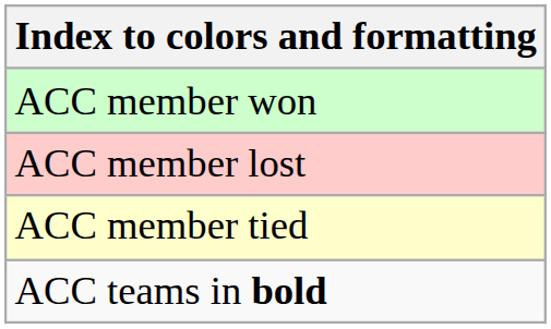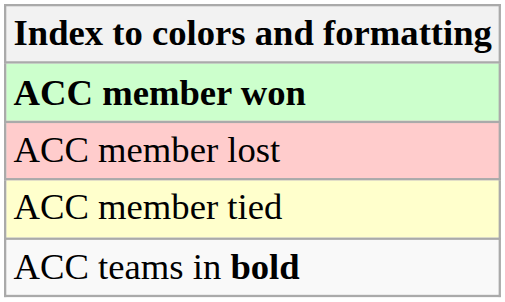 <table class="wikitable">
 <tr>
 <th>Index to colors and formatting</th>
 </tr>
 <tr style="background:#cfc;">
-<td>ACC member won</td>
+<td><strong>ACC member won</strong></td>
 </tr>
 <tr style="background:#fcc;">
 <td>ACC member lost</td>
 </tr>
 <tr style="background:#ffc;">
 <td>ACC member tied</td>
 </tr>
 <tr>
 <td>ACC teams in <strong>bold</strong></td>
 </tr>
 </table>
